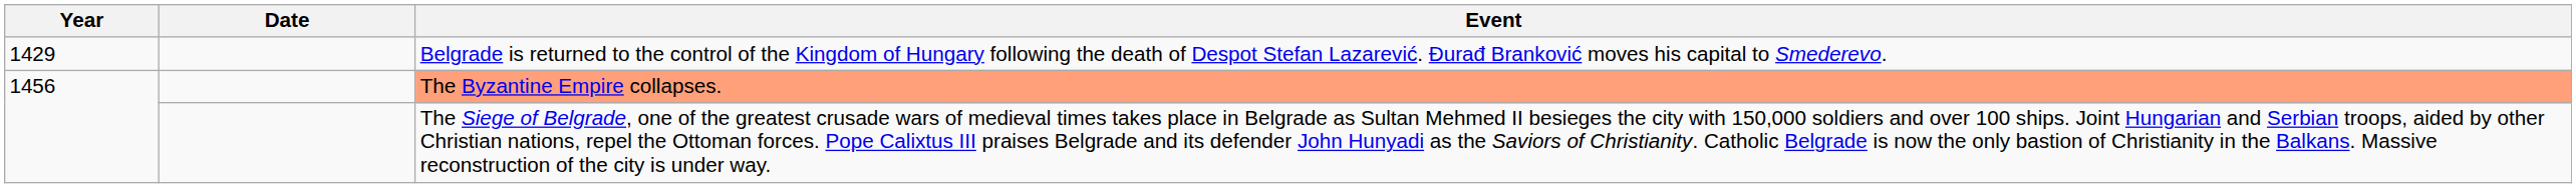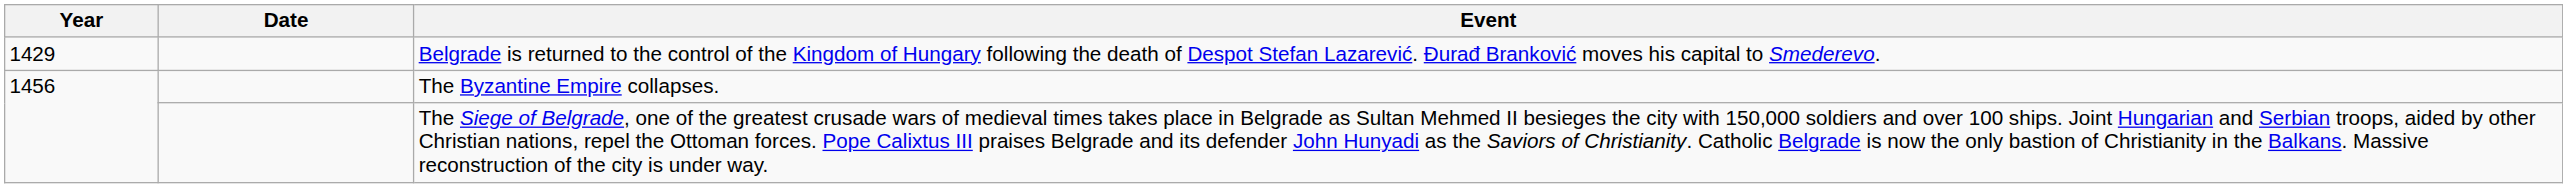 <table class="wikitable" width="100%">
 <tr>
 <th style="width:6%">Year</th>
 <th style="width:10%">Date</th>
 <th>Event</th>
 </tr>
 <tr>
 <td>1429</td>
 <td></td>
 <td><a href='#'>Belgrade</a> is returned to the control of the <a href='#'>Kingdom of Hungary</a> following the death of <a href='#'>Despot Stefan Lazarević</a>. <a href='#'>Đurađ Branković</a> moves his capital to <em><a href='#'>Smederevo</a></em>.</td>
 </tr>
 <tr>
 <td rowspan="2" valign="top">1456</td>
 <td></td>
-<td style="background: lightsalmon;">The <a href='#'>Byzantine Empire</a> collapses.</td>
+<td>The <a href='#'>Byzantine Empire</a> collapses.</td>
 </tr>
 <tr>
 <td></td>
 <td>The <em><a href='#'>Siege of Belgrade</a></em>, one of the greatest crusade wars of medieval times takes place in Belgrade as Sultan Mehmed II besieges the city with 150,000 soldiers and over 100 ships. Joint <a href='#'>Hungarian</a> and <a href='#'>Serbian</a> troops, aided by other Christian nations, repel the Ottoman forces. <a href='#'>Pope Calixtus III</a> praises Belgrade and its defender <a href='#'>John Hunyadi</a> as the <em>Saviors of Christianity</em>. Catholic <a href='#'>Belgrade</a> is now the only bastion of Christianity in the <a href='#'>Balkans</a>. Massive reconstruction of the city is under way.</td>
 </tr>
 </table>
